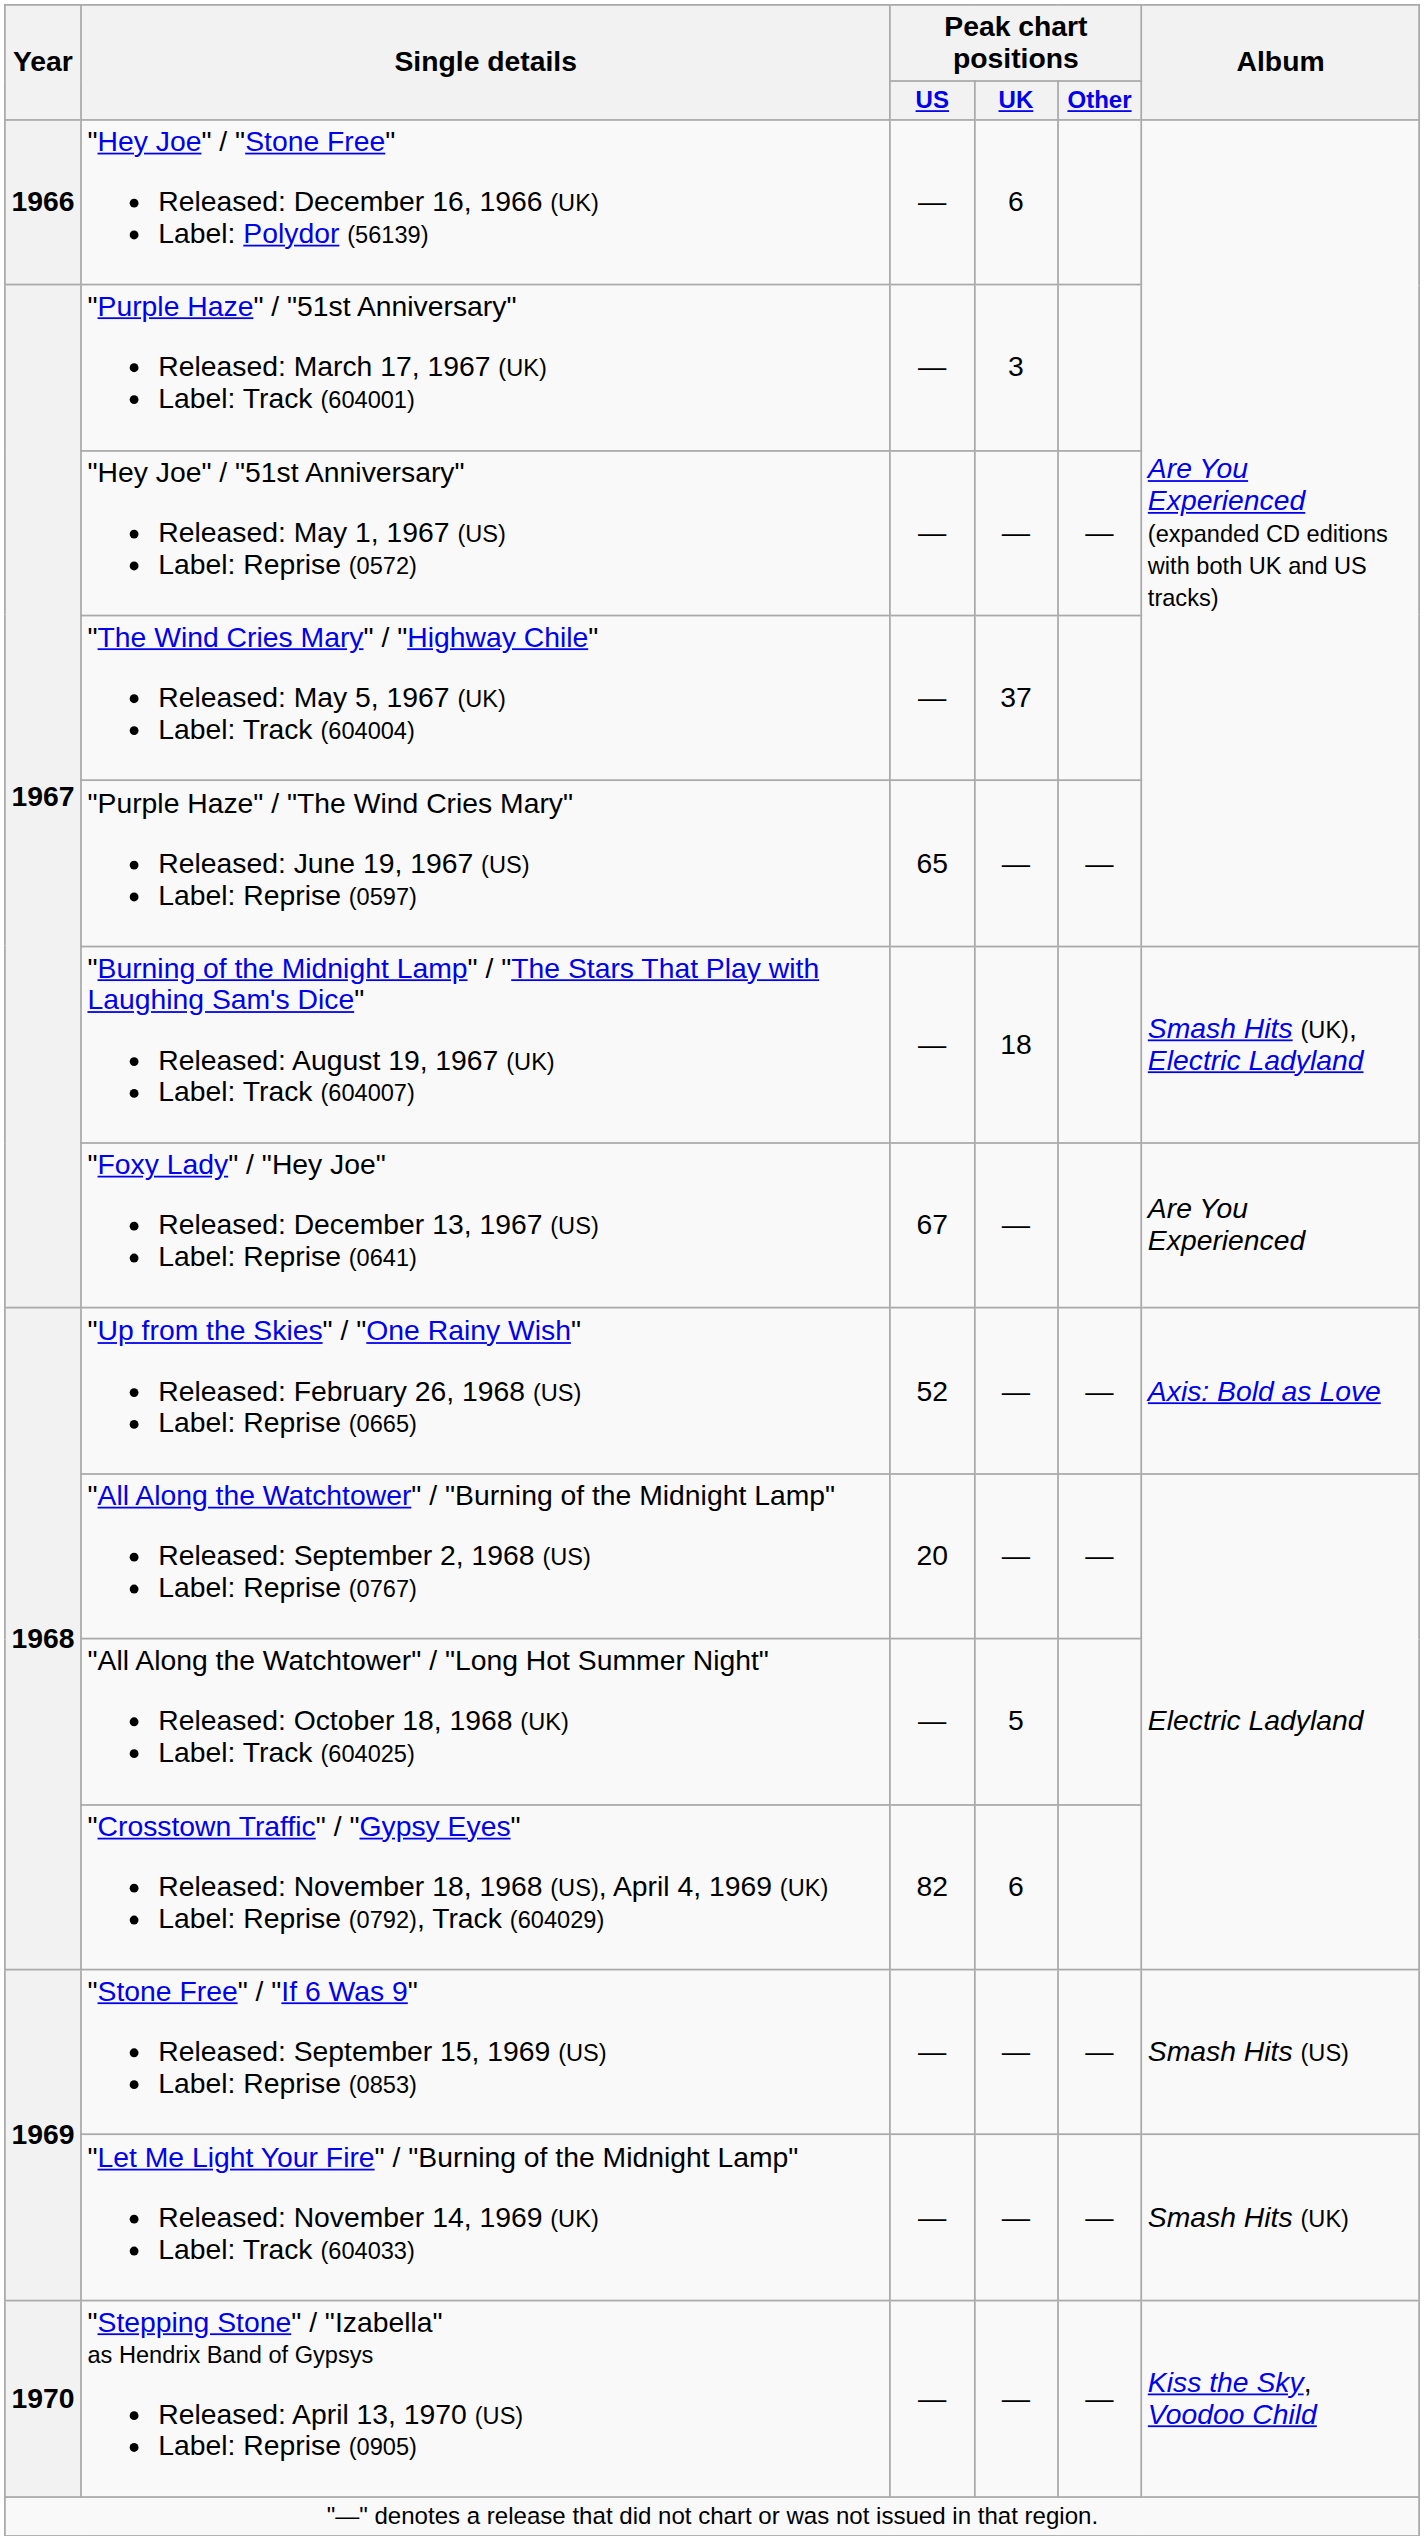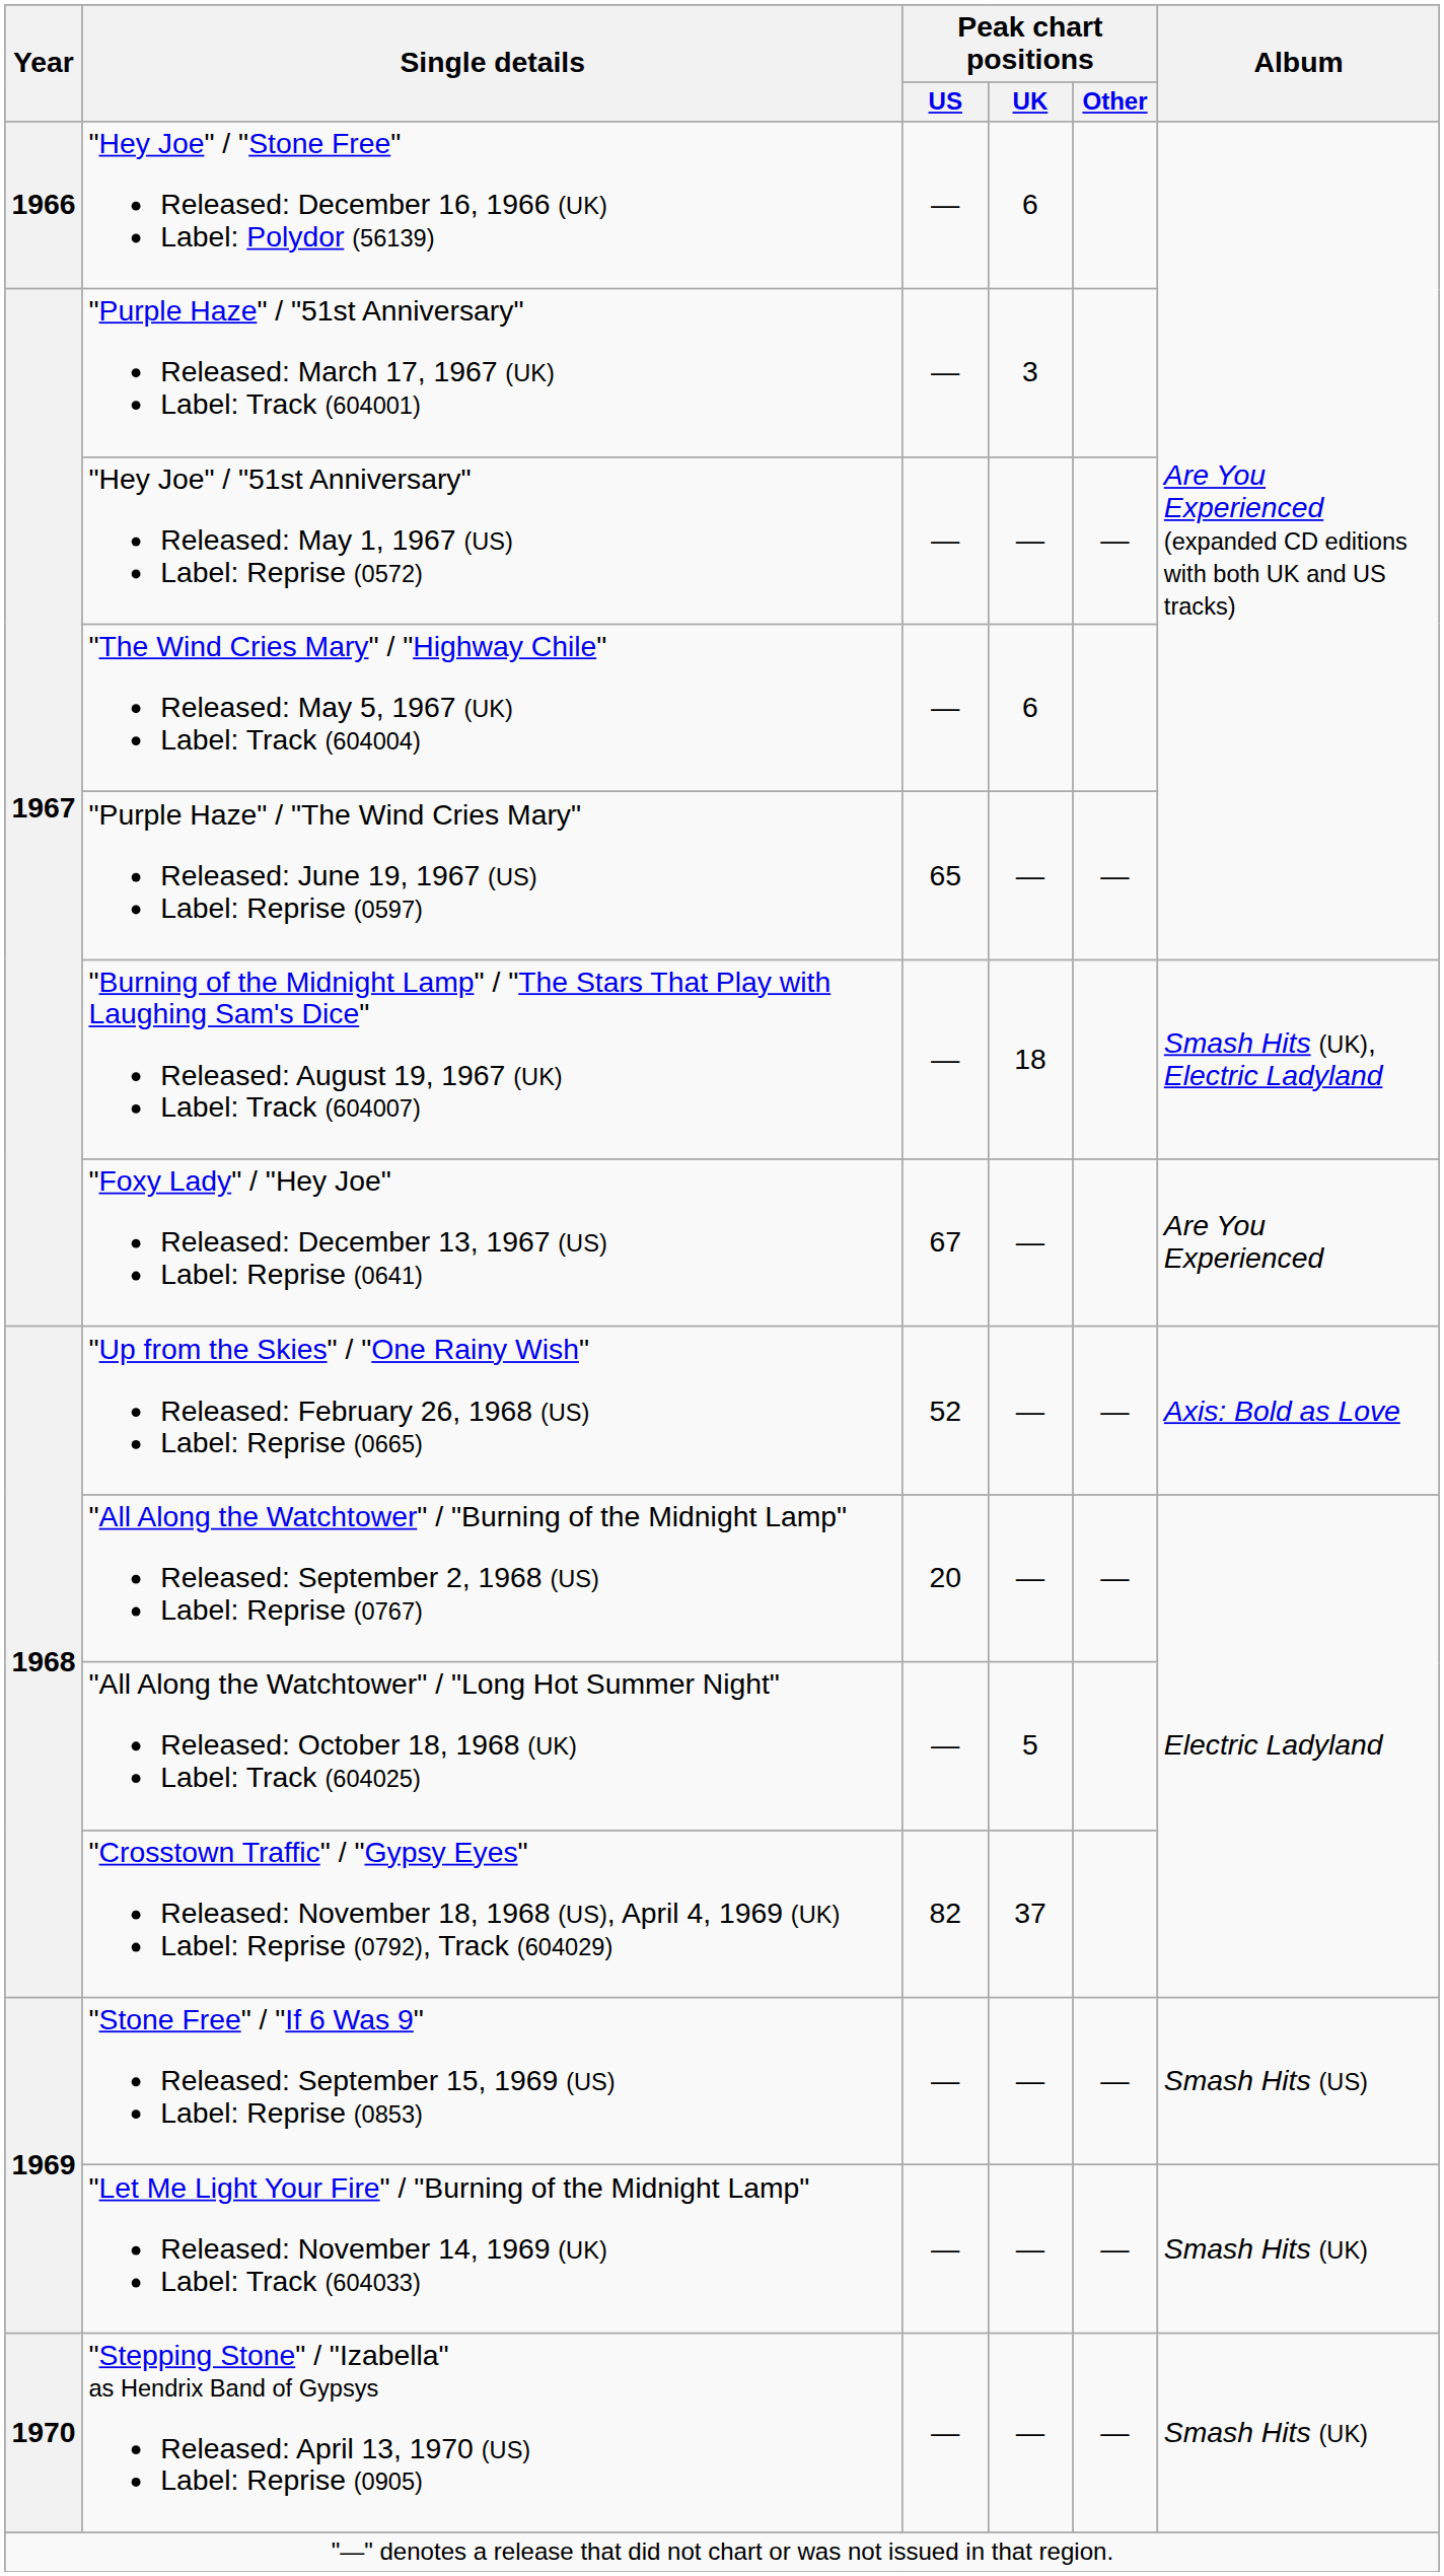 <table class="wikitable">
 <tr>
 <th width="30" rowspan="2">Year</th>
 <th width="450" rowspan="2">Single details</th>
 <th width="70" colspan="3">Peak chart positions</th>
 <th width="150" rowspan="2">Album</th>
 </tr>
 <tr>
 <th style="width:3em;font-size:85%"><a href='#'>US</a><br></th>
 <th style="width:3em;font-size:85%"><a href='#'>UK</a><br></th>
 <th style="width:3em;font-size:85%"><a href='#'>Other</a><br></th>
 </tr>
 <tr>
 <th scope="row">1966</th>
 <td>"<a href='#'>Hey Joe</a>" / "<a href='#'>Stone Free</a>"<br><ul><li>Released: December 16, 1966 <small>(UK)</small></li><li>Label: <a href='#'>Polydor</a> <small>(56139)</small></li></ul></td>
 <td align="center">—</td>
 <td align="center">6</td>
 <td align="center"></td>
 <td rowspan="5"><em><a href='#'>Are You Experienced</a></em> <small>(expanded CD editions with both UK and US tracks)</small></td>
 </tr>
 <tr>
 <th scope="row" rowspan="6">1967</th>
 <td>"<a href='#'>Purple Haze</a>" / "51st Anniversary"<br><ul><li>Released: March 17, 1967 <small>(UK)</small></li><li>Label: Track <small>(604001)</small></li></ul></td>
 <td align="center">—</td>
 <td align="center">3</td>
 <td align="center"></td>
 </tr>
 <tr>
 <td>"Hey Joe" / "51st Anniversary"<br><ul><li>Released: May 1, 1967 <small>(US)</small></li><li>Label: Reprise <small>(0572)</small></li></ul></td>
 <td align="center">—</td>
 <td align="center">—</td>
 <td align="center">—</td>
 </tr>
 <tr>
 <td>"<a href='#'>The Wind Cries Mary</a>" / "<a href='#'>Highway Chile</a>"<br><ul><li>Released: May 5, 1967 <small>(UK)</small></li><li>Label: Track <small>(604004)</small></li></ul></td>
 <td align="center">—</td>
-<td align="center">37</td>
+<td align="center">6</td>
 <td align="center"></td>
 </tr>
 <tr>
 <td>"Purple Haze" / "The Wind Cries Mary"<br><ul><li>Released: June 19, 1967 <small>(US)</small></li><li>Label: Reprise <small>(0597)</small></li></ul></td>
 <td align="center">65</td>
 <td align="center">—</td>
 <td align="center">—</td>
 </tr>
 <tr>
 <td>"<a href='#'>Burning of the Midnight Lamp</a>" / "<a href='#'>The Stars That Play with Laughing Sam's Dice</a>"<br><ul><li>Released: August 19, 1967 <small>(UK)</small></li><li>Label: Track <small>(604007)</small></li></ul></td>
 <td align="center">—</td>
 <td align="center">18</td>
 <td align="center"></td>
 <td><em><a href='#'>Smash Hits</a></em> <small>(UK)</small>, <em><a href='#'>Electric Ladyland</a></em><br></td>
 </tr>
 <tr>
 <td>"<a href='#'>Foxy Lady</a>" / "Hey Joe"<br><ul><li>Released: December 13, 1967 <small>(US)</small></li><li>Label: Reprise <small>(0641)</small></li></ul></td>
 <td align="center">67</td>
 <td align="center">—</td>
 <td align="center"></td>
 <td><em>Are You Experienced</em></td>
 </tr>
 <tr>
 <th scope="row" rowspan="4">1968</th>
 <td>"<a href='#'>Up from the Skies</a>" / "<a href='#'>One Rainy Wish</a>"<br><ul><li>Released: February 26, 1968 <small>(US)</small></li><li>Label: Reprise <small>(0665)</small></li></ul></td>
 <td align="center">52</td>
 <td align="center">—</td>
 <td align="center">—</td>
 <td><em><a href='#'>Axis: Bold as Love</a></em></td>
 </tr>
 <tr>
 <td>"<a href='#'>All Along the Watchtower</a>" / "Burning of the Midnight Lamp"<br><ul><li>Released: September 2, 1968 <small>(US)</small></li><li>Label: Reprise <small>(0767)</small></li></ul></td>
 <td align="center">20</td>
 <td align="center">—</td>
 <td align="center">—</td>
 <td rowspan="3"><em>Electric Ladyland</em></td>
 </tr>
 <tr>
 <td>"All Along the Watchtower" / "Long Hot Summer Night"<br><ul><li>Released: October 18, 1968 <small>(UK)</small></li><li>Label: Track <small>(604025)</small></li></ul></td>
 <td align="center">—</td>
 <td align="center">5</td>
 <td align="center"></td>
 </tr>
 <tr>
 <td>"<a href='#'>Crosstown Traffic</a>" / "<a href='#'>Gypsy Eyes</a>"<br><ul><li>Released: November 18, 1968 <small>(US)</small>, April 4, 1969 <small>(UK)</small></li><li>Label: Reprise <small>(0792)</small>, Track <small>(604029)</small></li></ul></td>
 <td align="center">82</td>
-<td align="center">6</td>
+<td align="center">37</td>
 <td align="center"></td>
 </tr>
 <tr>
 <th scope="row" rowspan="2">1969</th>
 <td>"<a href='#'>Stone Free</a>" / "<a href='#'>If 6 Was 9</a>"<br><ul><li>Released: September 15, 1969 <small>(US)</small></li><li>Label: Reprise <small>(0853)</small></li></ul></td>
 <td align="center">—</td>
 <td align="center">—</td>
 <td align="center">—</td>
 <td rowspan="1"><em>Smash Hits</em> <small>(US)</small></td>
 </tr>
 <tr>
 <td>"<a href='#'>Let Me Light Your Fire</a>" / "Burning of the Midnight Lamp"<br><ul><li>Released: November 14, 1969 <small>(UK)</small></li><li>Label: Track <small>(604033)</small></li></ul></td>
 <td align="center">—</td>
 <td align="center">—</td>
 <td align="center">—</td>
 <td rowspan="1"><em>Smash Hits</em> <small>(UK)</small></td>
 </tr>
 <tr>
 <th scope="row">1970</th>
 <td>"<a href='#'>Stepping Stone</a>" / "Izabella"<br><small>as Hendrix Band of Gypsys</small><br><ul><li>Released: April 13, 1970 <small>(US)</small></li><li>Label: Reprise <small>(0905)</small></li></ul></td>
 <td align="center">—</td>
 <td align="center">—</td>
 <td align="center">—</td>
-<td><em><a href='#'>Kiss the Sky</a></em>, <em><a href='#'>Voodoo Child</a></em><br></td>
+<td rowspan="1"><em>Smash Hits</em> <small>(UK)</small></td>
 </tr>
 <tr>
 <td align="center" colspan="8" style="font-size:85%">"—" denotes a release that did not chart or was not issued in that region.</td>
 </tr>
 </table>
